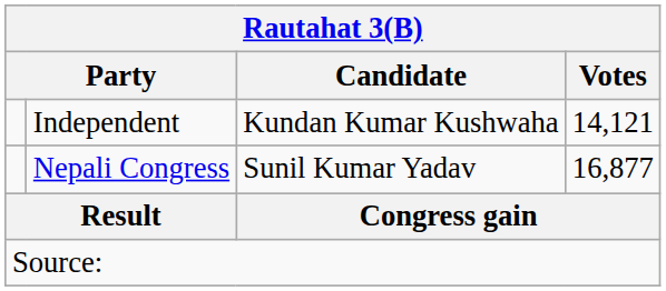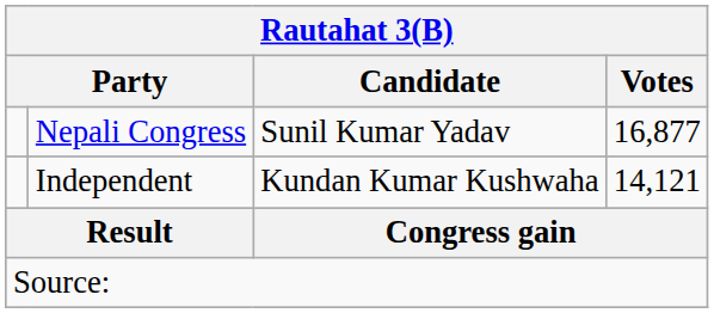 <table class="wikitable">
 <tr>
 <th colspan="4"><a href='#'>Rautahat 3(B)</a></th>
 </tr>
 <tr>
 <th colspan="2">Party</th>
 <th>Candidate</th>
 <th>Votes</th>
 </tr>
 <tr>
+<td style="background-color:"></td>
+<td><a href='#'>Nepali Congress</a></td>
+<td>Sunil Kumar Yadav</td>
+<td>16,877</td>
+</tr>
+<tr>
 <td width="4px"></td>
 <td>Independent</td>
 <td>Kundan Kumar Kushwaha</td>
 <td>14,121</td>
-</tr>
-<tr>
-<td style="background-color:"></td>
-<td><a href='#'>Nepali Congress</a></td>
-<td>Sunil Kumar Yadav</td>
-<td>16,877</td>
 </tr>
 <tr>
 <th colspan="2">Result</th>
 <th colspan="2">Congress gain</th>
 </tr>
 <tr>
 <td colspan="4">Source: </td>
 </tr>
 </table>
